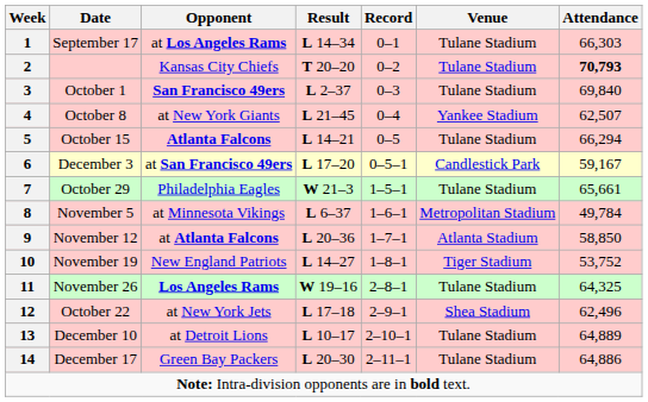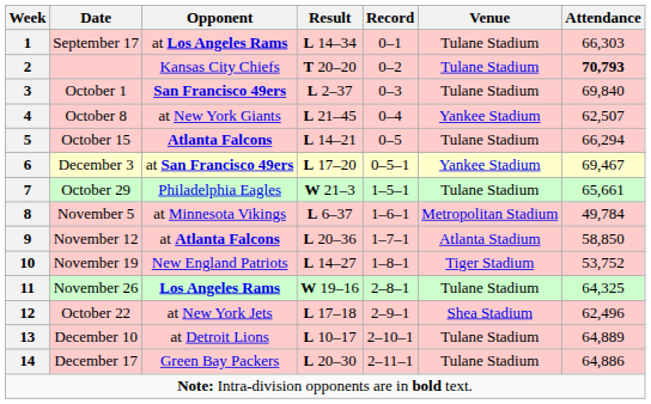 <table class="wikitable" style="text-align:center">
 <tr>
 <th>Week</th>
 <th>Date</th>
 <th>Opponent</th>
 <th>Result</th>
 <th>Record</th>
 <th>Venue</th>
 <th>Attendance</th>
 </tr>
 <tr style="background:#fcc">
 <th>1</th>
 <td>September 17</td>
 <td>at <strong><a href='#'>Los Angeles Rams</a></strong></td>
 <td><strong>L</strong> 14–34</td>
 <td>0–1</td>
 <td>Tulane Stadium</td>
 <td>66,303</td>
 </tr>
 <tr style="background:#fcc">
 <th>2</th>
 <td></td>
 <td><a href='#'>Kansas City Chiefs</a></td>
 <td><strong>T</strong> 20–20</td>
 <td>0–2</td>
 <td><a href='#'>Tulane Stadium</a></td>
 <td><strong>70,793</strong></td>
 </tr>
 <tr style="background:#fcc">
 <th>3</th>
 <td>October 1</td>
 <td><strong><a href='#'>San Francisco 49ers</a></strong></td>
 <td><strong>L</strong> 2–37</td>
 <td>0–3</td>
 <td>Tulane Stadium</td>
 <td>69,840</td>
 </tr>
 <tr style="background:#fcc">
 <th>4</th>
 <td>October 8</td>
 <td>at <a href='#'>New York Giants</a></td>
 <td><strong>L</strong> 21–45</td>
 <td>0–4</td>
 <td><a href='#'>Yankee Stadium</a></td>
 <td>62,507</td>
 </tr>
 <tr style="background:#fcc">
 <th>5</th>
 <td>October 15</td>
 <td><strong><a href='#'>Atlanta Falcons</a></strong></td>
 <td><strong>L</strong> 14–21</td>
 <td>0–5</td>
 <td>Tulane Stadium</td>
 <td>66,294</td>
 </tr>
 <tr style="background:#ffc">
 <th>6</th>
 <td>December 3</td>
 <td>at <strong><a href='#'>San Francisco 49ers</a></strong></td>
 <td><strong>L</strong> 17–20</td>
 <td>0–5–1</td>
-<td><a href='#'>Candlestick Park</a></td>
-<td>59,167</td>
+<td><a href='#'>Yankee Stadium</a></td>
+<td>69,467</td>
 </tr>
 <tr style="background:#cfc">
 <th>7</th>
 <td>October 29</td>
 <td><a href='#'>Philadelphia Eagles</a></td>
 <td><strong>W</strong> 21–3</td>
 <td>1–5–1</td>
 <td>Tulane Stadium</td>
 <td>65,661</td>
 </tr>
 <tr style="background:#fcc">
 <th>8</th>
 <td>November 5</td>
 <td>at <a href='#'>Minnesota Vikings</a></td>
 <td><strong>L</strong> 6–37</td>
 <td>1–6–1</td>
 <td><a href='#'>Metropolitan Stadium</a></td>
 <td>49,784</td>
 </tr>
 <tr style="background:#fcc">
 <th>9</th>
 <td>November 12</td>
 <td>at <strong><a href='#'>Atlanta Falcons</a></strong></td>
 <td><strong>L</strong> 20–36</td>
 <td>1–7–1</td>
 <td><a href='#'>Atlanta Stadium</a></td>
 <td>58,850</td>
 </tr>
 <tr style="background:#fcc">
 <th>10</th>
 <td>November 19</td>
 <td><a href='#'>New England Patriots</a></td>
 <td><strong>L</strong> 14–27</td>
 <td>1–8–1</td>
 <td><a href='#'>Tiger Stadium</a></td>
 <td>53,752</td>
 </tr>
 <tr style="background:#cfc">
 <th>11</th>
 <td>November 26</td>
 <td><strong><a href='#'>Los Angeles Rams</a></strong></td>
 <td><strong>W</strong> 19–16</td>
 <td>2–8–1</td>
 <td>Tulane Stadium</td>
 <td>64,325</td>
 </tr>
 <tr style="background:#fcc">
 <th>12</th>
 <td>October 22</td>
 <td>at <a href='#'>New York Jets</a></td>
 <td><strong>L</strong> 17–18</td>
 <td>2–9–1</td>
 <td><a href='#'>Shea Stadium</a></td>
 <td>62,496</td>
 </tr>
 <tr style="background:#fcc">
 <th>13</th>
 <td>December 10</td>
 <td>at <a href='#'>Detroit Lions</a></td>
 <td><strong>L</strong> 10–17</td>
 <td>2–10–1</td>
 <td>Tulane Stadium</td>
 <td>64,889</td>
 </tr>
 <tr style="background:#fcc">
 <th>14</th>
 <td>December 17</td>
 <td><a href='#'>Green Bay Packers</a></td>
 <td><strong>L</strong> 20–30</td>
 <td>2–11–1</td>
 <td>Tulane Stadium</td>
 <td>64,886</td>
 </tr>
 <tr>
 <td colspan="7"><strong>Note:</strong> Intra-division opponents are in <strong>bold</strong> text.</td>
 </tr>
 </table>
